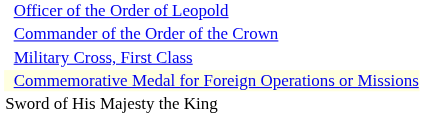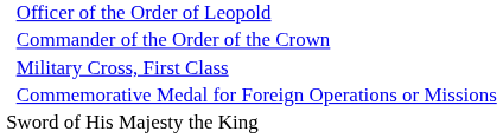 <table>
 <tr>
 <td>  <a href='#'>Officer of the Order of Leopold</a></td>
 </tr>
 <tr>
 <td>  <a href='#'>Commander of the Order of the Crown</a></td>
 </tr>
 <tr>
 <td>  <a href='#'>Military Cross, First Class</a></td>
 </tr>
 <tr>
-<td style="background: lightyellow;">  <a href='#'>Commemorative Medal for Foreign Operations or Missions</a></td>
+<td>  <a href='#'>Commemorative Medal for Foreign Operations or Missions</a></td>
 </tr>
 <tr>
 <td>Sword of His Majesty the King</td>
 </tr>
 </table>
